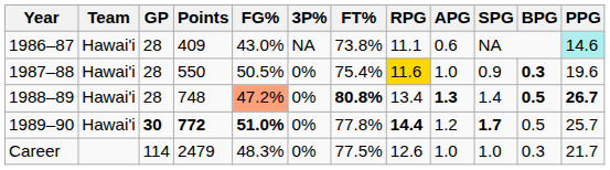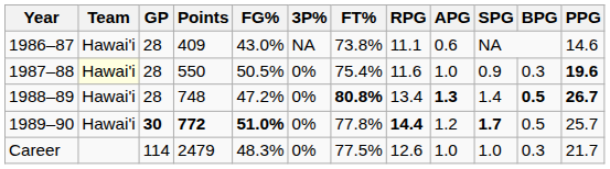 <table class="wikitable">
 <tr>
 <th>Year</th>
 <th>Team</th>
 <th>GP</th>
 <th>Points</th>
 <th>FG%</th>
 <th>3P%</th>
 <th>FT%</th>
 <th>RPG</th>
 <th>APG</th>
 <th>SPG</th>
 <th>BPG</th>
 <th>PPG</th>
 </tr>
 <tr>
 <td>1986–87</td>
 <td>Hawai'i</td>
 <td>28</td>
 <td>409</td>
 <td>43.0%</td>
 <td>NA</td>
 <td>73.8%</td>
 <td>11.1</td>
 <td>0.6</td>
 <td colspan="2">NA</td>
-<td style="background: paleturquoise;">14.6</td>
+<td>14.6</td>
 </tr>
 <tr>
 <td>1987–88</td>
-<td>Hawai'i</td>
+<td style="background: lightyellow;">Hawai'i</td>
 <td>28</td>
 <td>550</td>
 <td>50.5%</td>
 <td>0%</td>
 <td>75.4%</td>
-<td style="background: gold;">11.6</td>
+<td>11.6</td>
 <td>1.0</td>
 <td>0.9</td>
-<td><strong>0.3</strong></td>
-<td>19.6</td>
+<td>0.3</td>
+<td><strong>19.6</strong></td>
 </tr>
 <tr>
 <td>1988–89</td>
 <td>Hawai'i</td>
 <td>28</td>
 <td>748</td>
-<td style="background: lightsalmon;">47.2%</td>
+<td>47.2%</td>
 <td>0%</td>
 <td><strong>80.8%</strong></td>
 <td>13.4</td>
 <td><strong>1.3</strong></td>
 <td>1.4</td>
 <td><strong>0.5</strong></td>
 <td><strong>26.7</strong></td>
 </tr>
 <tr>
 <td>1989–90</td>
 <td>Hawai'i</td>
 <td><strong>30</strong></td>
 <td><strong>772</strong></td>
 <td><strong>51.0%</strong></td>
 <td>0%</td>
 <td>77.8%</td>
 <td><strong>14.4</strong></td>
 <td>1.2</td>
 <td><strong>1.7</strong></td>
 <td>0.5</td>
 <td>25.7</td>
 </tr>
 <tr>
 <td>Career</td>
 <td></td>
 <td>114</td>
 <td>2479</td>
 <td>48.3%</td>
 <td>0%</td>
 <td>77.5%</td>
 <td>12.6</td>
 <td>1.0</td>
 <td>1.0</td>
 <td>0.3</td>
 <td>21.7</td>
 </tr>
 </table>
